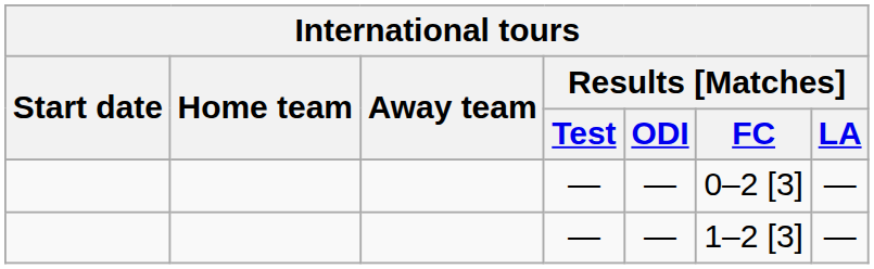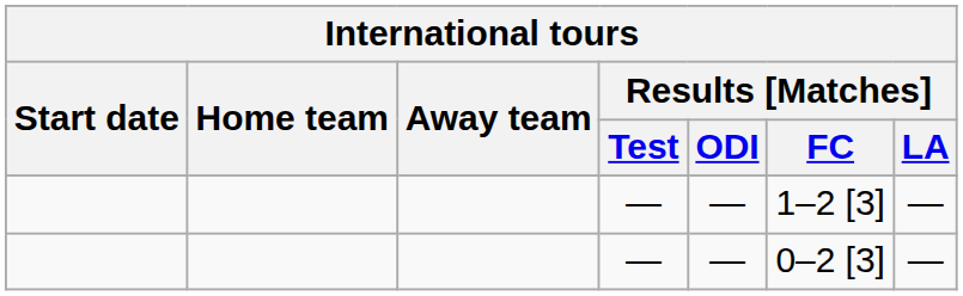 <table class="wikitable">
 <tr>
 <th colspan="7">International tours</th>
 </tr>
 <tr>
 <th rowspan="2">Start date</th>
 <th rowspan="2">Home team</th>
 <th rowspan="2">Away team</th>
 <th colspan="4">Results [Matches]</th>
 </tr>
 <tr>
 <th><a href='#'>Test</a></th>
 <th><a href='#'>ODI</a></th>
 <th><a href='#'>FC</a></th>
 <th><a href='#'>LA</a></th>
 </tr>
 <tr>
 <td><a href='#'></a></td>
 <td></td>
 <td></td>
 <td ; style="text-align:center">—</td>
 <td ; style="text-align:center">—</td>
-<td>0–2 [3]</td>
+<td>1–2 [3]</td>
 <td ; style="text-align:center">—</td>
 </tr>
 <tr>
 <td><a href='#'></a></td>
 <td></td>
 <td></td>
 <td ; style="text-align:center">—</td>
 <td ; style="text-align:center">—</td>
-<td>1–2 [3]</td>
+<td>0–2 [3]</td>
 <td ; style="text-align:center">—</td>
 </tr>
 </table>
